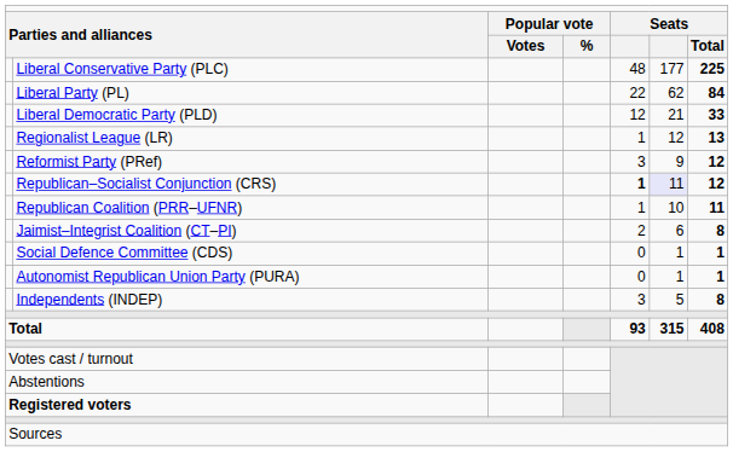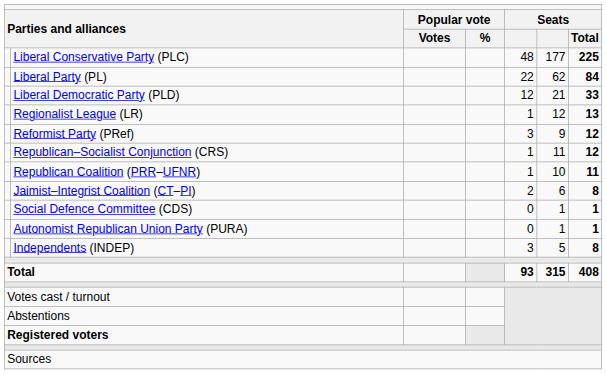 <table class="wikitable" style="text-align:right;">
 <tr>
 <td colspan="7"></td>
 </tr>
 <tr>
 <th style="text-align:left;" rowspan="2" colspan="2" width="525">Parties and alliances</th>
 <th colspan="2">Popular vote</th>
 <th colspan="3">Seats</th>
 </tr>
 <tr>
 <th width="75">Votes</th>
 <th width="45">%</th>
 <th width="35"></th>
 <th width="35"></th>
 <th width="35">Total</th>
 </tr>
 <tr>
 <td width="1" style="color:inherit;background:"></td>
 <td align="left"><a href='#'>Liberal Conservative Party</a> (PLC)</td>
 <td></td>
 <td></td>
 <td>48</td>
 <td>177</td>
 <td><strong>225</strong></td>
 </tr>
 <tr>
 <td style="color:inherit;background:"></td>
 <td align="left"><a href='#'>Liberal Party</a> (PL)</td>
 <td></td>
 <td></td>
 <td>22</td>
 <td>62</td>
 <td><strong>84</strong></td>
 </tr>
 <tr>
 <td style="color:inherit;background:"></td>
 <td align="left"><a href='#'>Liberal Democratic Party</a> (PLD)</td>
 <td></td>
 <td></td>
 <td>12</td>
 <td>21</td>
 <td><strong>33</strong></td>
 </tr>
 <tr>
 <td style="color:inherit;background:"></td>
 <td align="left"><a href='#'>Regionalist League</a> (LR)</td>
 <td></td>
 <td></td>
 <td>1</td>
 <td>12</td>
 <td><strong>13</strong></td>
 </tr>
 <tr>
 <td style="color:inherit;background:"></td>
 <td align="left"><a href='#'>Reformist Party</a> (PRef)</td>
 <td></td>
 <td></td>
 <td>3</td>
 <td>9</td>
 <td><strong>12</strong></td>
 </tr>
 <tr>
 <td style="color:inherit;background:"></td>
 <td align="left"><a href='#'>Republican–Socialist Conjunction</a> (CRS)</td>
 <td></td>
 <td></td>
-<td><strong>1</strong></td>
-<td style="background: lavender;">11</td>
+<td>1</td>
+<td>11</td>
 <td><strong>12</strong></td>
 </tr>
 <tr>
 <td style="color:inherit;background:"></td>
 <td align="left"><a href='#'>Republican Coalition</a> (<a href='#'>PRR</a>–<a href='#'>UFNR</a>)</td>
 <td></td>
 <td></td>
 <td>1</td>
 <td>10</td>
 <td><strong>11</strong></td>
 </tr>
 <tr>
 <td style="color:inherit;background:"></td>
 <td align="left"><a href='#'>Jaimist–Integrist Coalition</a> (<a href='#'>CT</a>–<a href='#'>PI</a>)</td>
 <td></td>
 <td></td>
 <td>2</td>
 <td>6</td>
 <td><strong>8</strong></td>
 </tr>
 <tr>
 <td style="color:inherit;background:"></td>
 <td align="left"><a href='#'>Social Defence Committee</a> (CDS)</td>
 <td></td>
 <td></td>
 <td>0</td>
 <td>1</td>
 <td><strong>1</strong></td>
 </tr>
 <tr>
 <td style="color:inherit;background:"></td>
 <td align="left"><a href='#'>Autonomist Republican Union Party</a> (PURA)</td>
 <td></td>
 <td></td>
 <td>0</td>
 <td>1</td>
 <td><strong>1</strong></td>
 </tr>
 <tr>
 <td style="color:inherit;background:"></td>
 <td align="left"><a href='#'>Independents</a> (INDEP)</td>
 <td></td>
 <td></td>
 <td>3</td>
 <td>5</td>
 <td><strong>8</strong></td>
 </tr>
 <tr>
 <td colspan="7" bgcolor="#E9E9E9"></td>
 </tr>
 <tr style="font-weight:bold;">
 <td align="left" colspan="2">Total</td>
 <td></td>
 <td bgcolor="#E9E9E9"></td>
 <td>93</td>
 <td>315</td>
 <td>408</td>
 </tr>
 <tr>
 <td colspan="7" bgcolor="#E9E9E9"></td>
 </tr>
 <tr>
 <td align="left" colspan="2">Votes cast / turnout</td>
 <td></td>
 <td></td>
 <td bgcolor="#E9E9E9" colspan="3" rowspan="3"></td>
 </tr>
 <tr>
 <td align="left" colspan="2">Abstentions</td>
 <td></td>
 <td></td>
 </tr>
 <tr style="font-weight:bold;">
 <td align="left" colspan="2">Registered voters</td>
 <td></td>
 <td bgcolor="#E9E9E9"></td>
 </tr>
 <tr>
 <td colspan="7" bgcolor="#E9E9E9"></td>
 </tr>
 <tr>
 <td align="left" colspan="7">Sources</td>
 </tr>
 </table>
